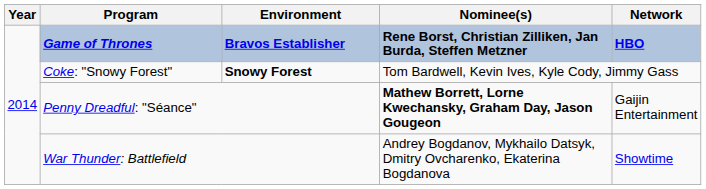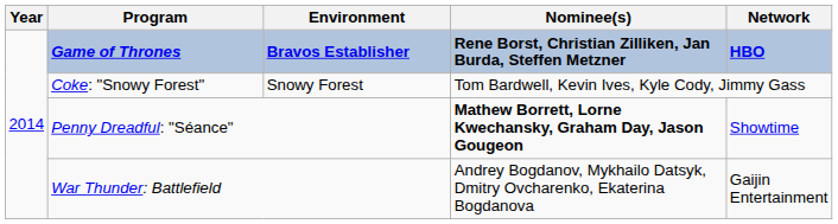 <table class="wikitable" width="95%" cellpadding="5">
 <tr>
 <th width="5%">Year</th>
 <th width="30%">Program</th>
 <th width="25%">Environment</th>
 <th width="38%">Nominee(s)</th>
 <th width="5%">Network</th>
 </tr>
 <tr>
 <td rowspan="4" style="text-align:center;"><a href='#'>2014</a><br></td>
 <td style="background:#B0C4DE;"><strong><em><a href='#'>Game of Thrones</a></em></strong></td>
 <td style="background:#B0C4DE;"><strong><a href='#'>Bravos Establisher</a></strong></td>
 <td style="background:#B0C4DE;"><strong>Rene Borst, Christian Zilliken, Jan Burda, Steffen Metzner</strong></td>
 <td style="background:#B0C4DE;"><strong><a href='#'>HBO</a></strong></td>
 </tr>
 <tr>
 <td><em><a href='#'>Coke</a></em>: "Snowy Forest"</td>
-<td><strong>Snowy Forest</strong></td>
+<td>Snowy Forest</td>
 <td colspan="2">Tom Bardwell, Kevin Ives, Kyle Cody, Jimmy Gass</td>
 </tr>
 <tr>
 <td colspan="2'"><em><a href='#'>Penny Dreadful</a></em>: "Séance"</td>
 <td><strong>Mathew Borrett, Lorne Kwechansky, Graham Day, Jason Gougeon</strong></td>
-<td>Gaijin Entertainment</td>
+<td><a href='#'>Showtime</a></td>
 </tr>
 <tr>
 <td colspan="2"><em><a href='#'>War Thunder</a>: Battlefield</em></td>
 <td>Andrey Bogdanov, Mykhailo Datsyk, Dmitry Ovcharenko, Ekaterina Bogdanova</td>
-<td><a href='#'>Showtime</a></td>
+<td>Gaijin Entertainment</td>
 </tr>
 </table>
